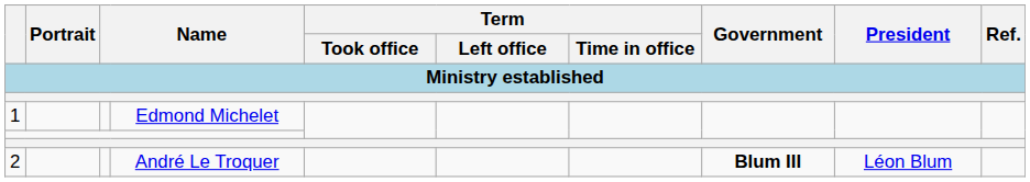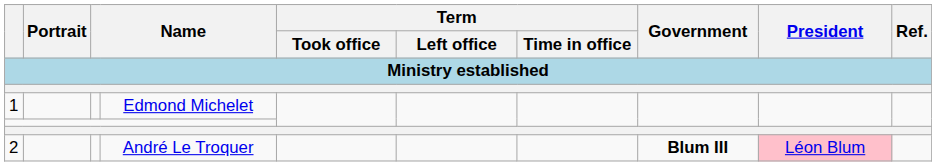 <table class="wikitable" style="text-align:center; width:100%">
 <tr>
 <th style="width:2%" rowspan=2></th>
 <th style="width:5%" rowspan=2>Portrait</th>
 <th style="width:20%" rowspan=2, colspan=2>Name</th>
 <th colspan=3>Term</th>
 <th style="width:13%" rowspan=2>Government</th>
 <th rowspan=2><a href='#'>President</a></th>
 <th style="width:2%" rowspan=2>Ref.</th>
 </tr>
 <tr>
 <th style="width:13%">Took office</th>
 <th style="width:13%">Left office</th>
 <th style="width:13%">Time in office</th>
 </tr>
 <tr bgcolor="lightblue">
 <td colspan="10"><strong>Ministry established</strong></td>
 </tr>
 <tr>
 <th colspan=10></th>
 </tr>
 <tr>
 <td>1</td>
 <td></td>
 <td style="background:"></td>
 <td><a href='#'>Edmond Michelet</a></td>
 <td rowspan=2></td>
 <td rowspan=2></td>
 <td rowspan=2></td>
 <td rowspan=2></td>
 <td rowspan=2></td>
 <td rowspan=2></td>
 </tr>
 <tr>
 <td colspan=4></td>
 </tr>
 <tr>
 <th colspan=10></th>
 </tr>
 <tr>
 <td>2</td>
 <td></td>
 <td style="background:"></td>
 <td><a href='#'>André Le Troquer</a></td>
 <td></td>
 <td></td>
 <td></td>
 <td><strong>Blum III</strong></td>
-<td><a href='#'>Léon Blum</a></td>
+<td style="background: pink;"><a href='#'>Léon Blum</a></td>
 <td></td>
 </tr>
 </table>
